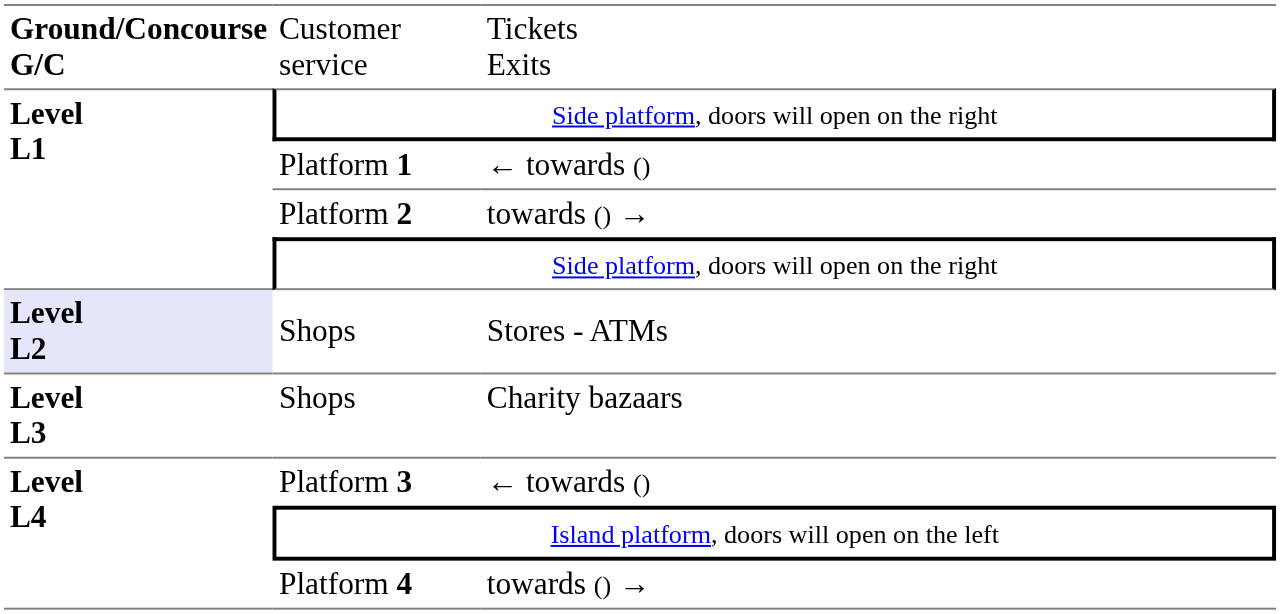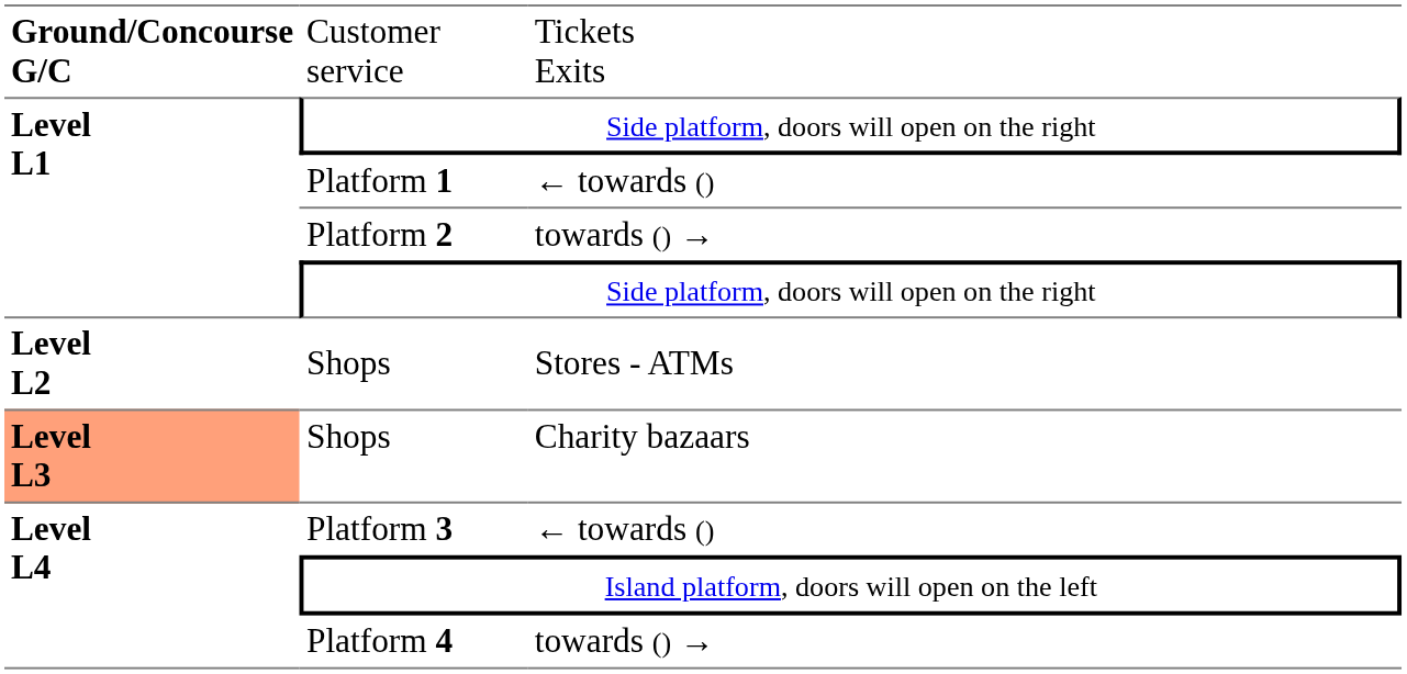 <table border=0 cellspacing=0 cellpadding=3>
 <tr>
 <td style="border-top:solid 1px gray;" width=50 valign=top><strong>Ground/Concourse<br>G/C</strong></td>
 <td style="border-top:solid 1px gray;" width=100 valign=top>Customer service</td>
 <td style="border-top:solid 1px gray;" width=400 valign=top>Tickets<br>Exits</td>
 </tr>
 <tr>
 <td style="border-top:solid 1px gray;border-bottom:solid 1px gray;" rowspan=4 valign=top><strong>Level<br>L1</strong></td>
 <td style="border-top:solid 1px gray;border-right:solid 2px black;border-left:solid 2px black;border-bottom:solid 2px black;text-align:center;" colspan=2><small><a href='#'>Side platform</a>, doors will open on the right</small></td>
 </tr>
 <tr>
 <td style="border-bottom:solid 1px gray;">Platform <span><strong>1</strong></span></td>
 <td style="border-bottom:solid 1px gray;">←  towards  <small>()</small></td>
 </tr>
 <tr>
 <td>Platform <span><strong>2</strong></span></td>
 <td>  towards  <small>()</small> →</td>
 </tr>
 <tr>
 <td style="border-bottom:solid 1px gray;border-top:solid 2px black;border-right:solid 2px black;border-left:solid 2px black;text-align:center;" colspan=2><small><a href='#'>Side platform</a>, doors will open on the right</small></td>
 </tr>
 <tr>
-<td style="background: lavender;"><strong>Level<br>L2</strong></td>
+<td><strong>Level<br>L2</strong></td>
 <td>Shops</td>
 <td>Stores - ATMs</td>
 </tr>
 <tr>
-<td style="border-bottom:solid 1px gray;border-top:solid 1px gray;" width=50 valign=top><strong>Level<br>L3</strong></td>
+<td style="background: lightsalmon; border-bottom:solid 1px gray;border-top:solid 1px gray;" width=50 valign=top><strong>Level<br>L3</strong></td>
 <td style="border-top:solid 1px gray;border-bottom:solid 1px gray;" width=100 valign=top>Shops</td>
 <td style="border-top:solid 1px gray;border-bottom:solid 1px gray;" width=400 valign=top>Charity bazaars</td>
 </tr>
 <tr>
 <td style="border-bottom:solid 1px gray;" width=50 valign=top rowspan=3><strong>Level<br>L4</strong></td>
 <td>Platform <span><strong>3</strong></span></td>
 <td>←  towards  <small>()</small></td>
 </tr>
 <tr>
 <td style="border-top:solid 2px black;border-right:solid 2px black;border-left:solid 2px black;border-bottom:solid 2px black;text-align:center;" colspan=2><small><a href='#'>Island platform</a>, doors will open on the left</small></td>
 </tr>
 <tr>
 <td style="border-bottom:solid 1px gray;">Platform <span><strong>4</strong></span></td>
 <td style="border-bottom:solid 1px gray;">  towards  <small>()</small> →</td>
 </tr>
 </table>
